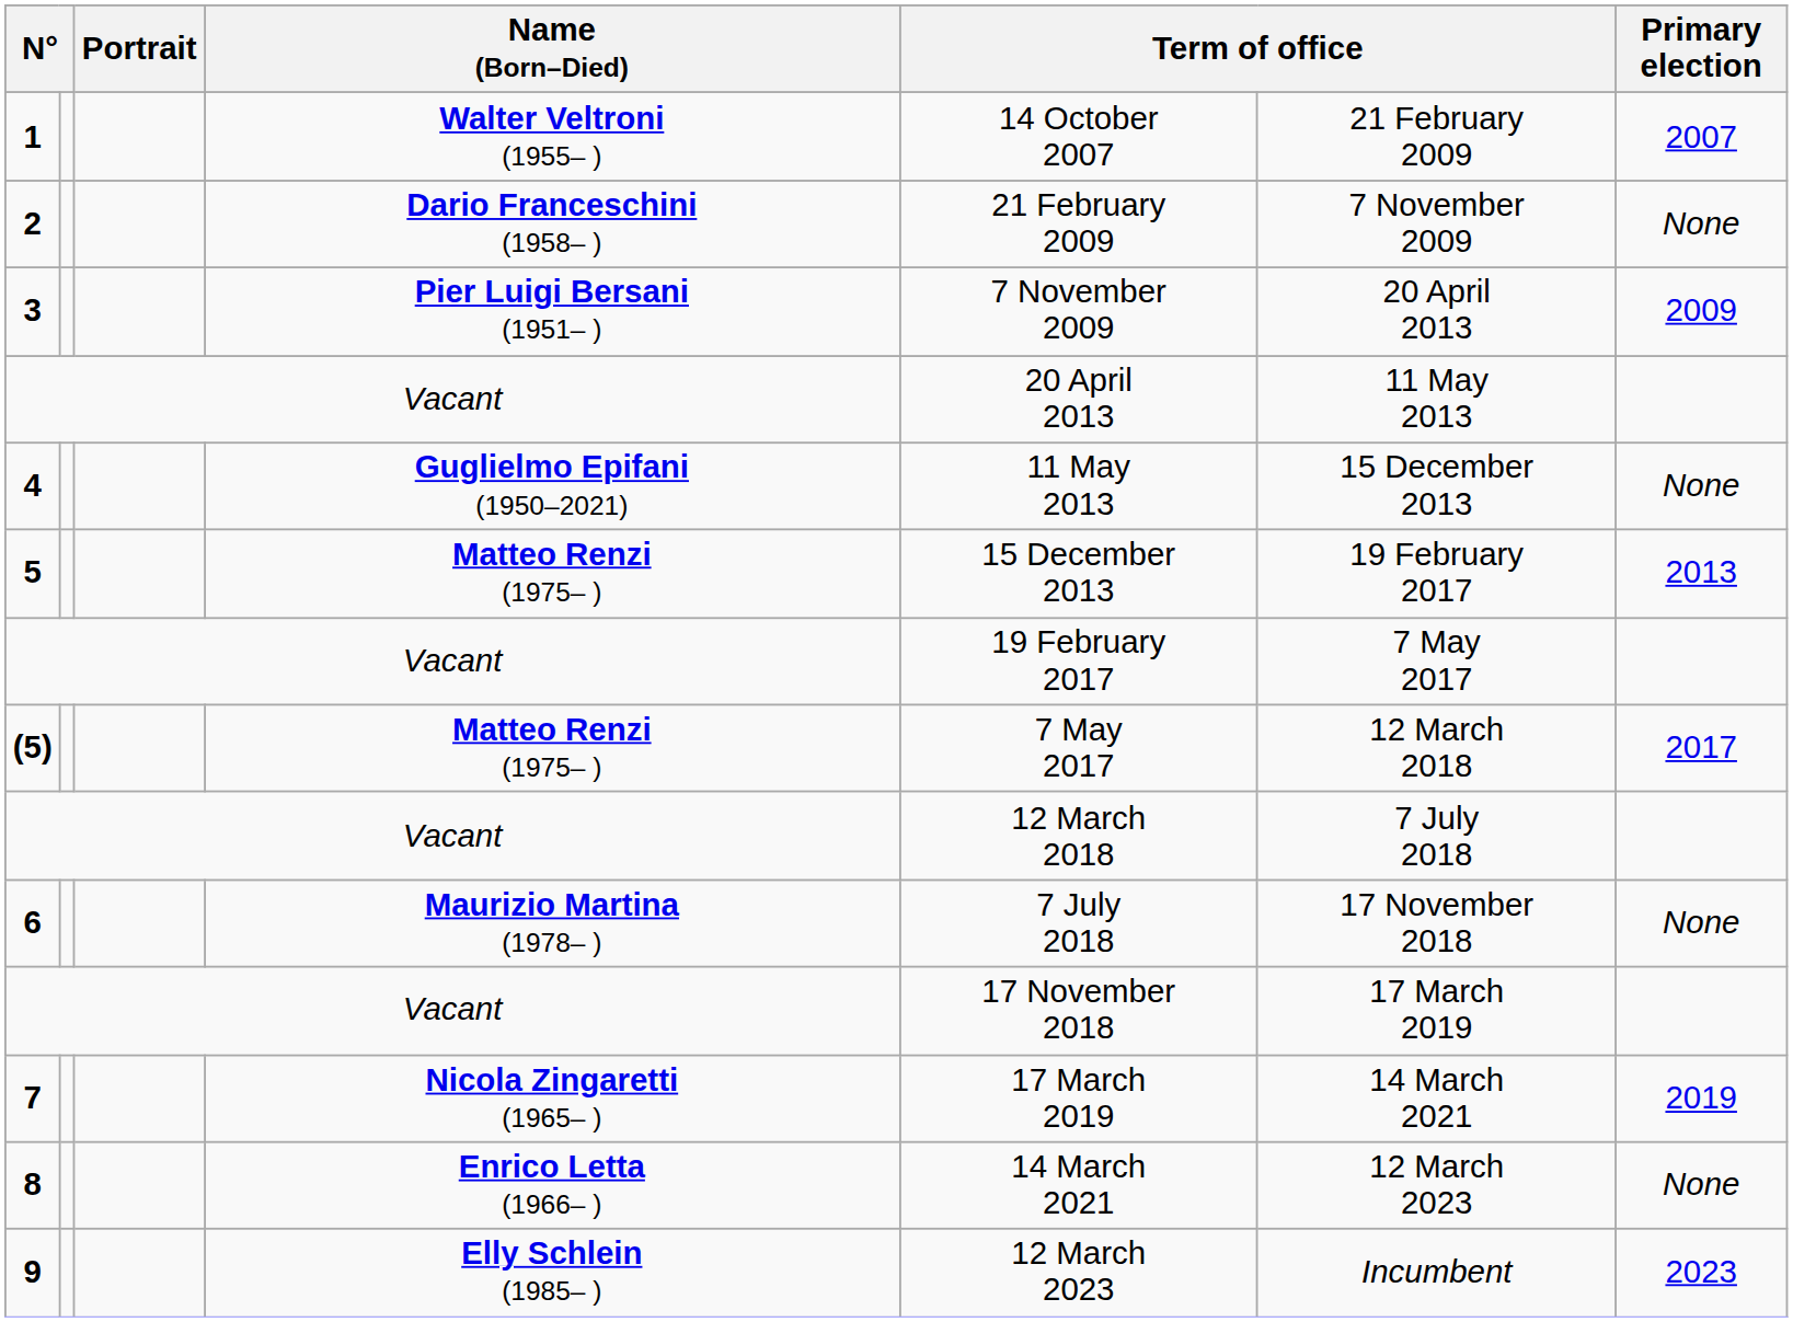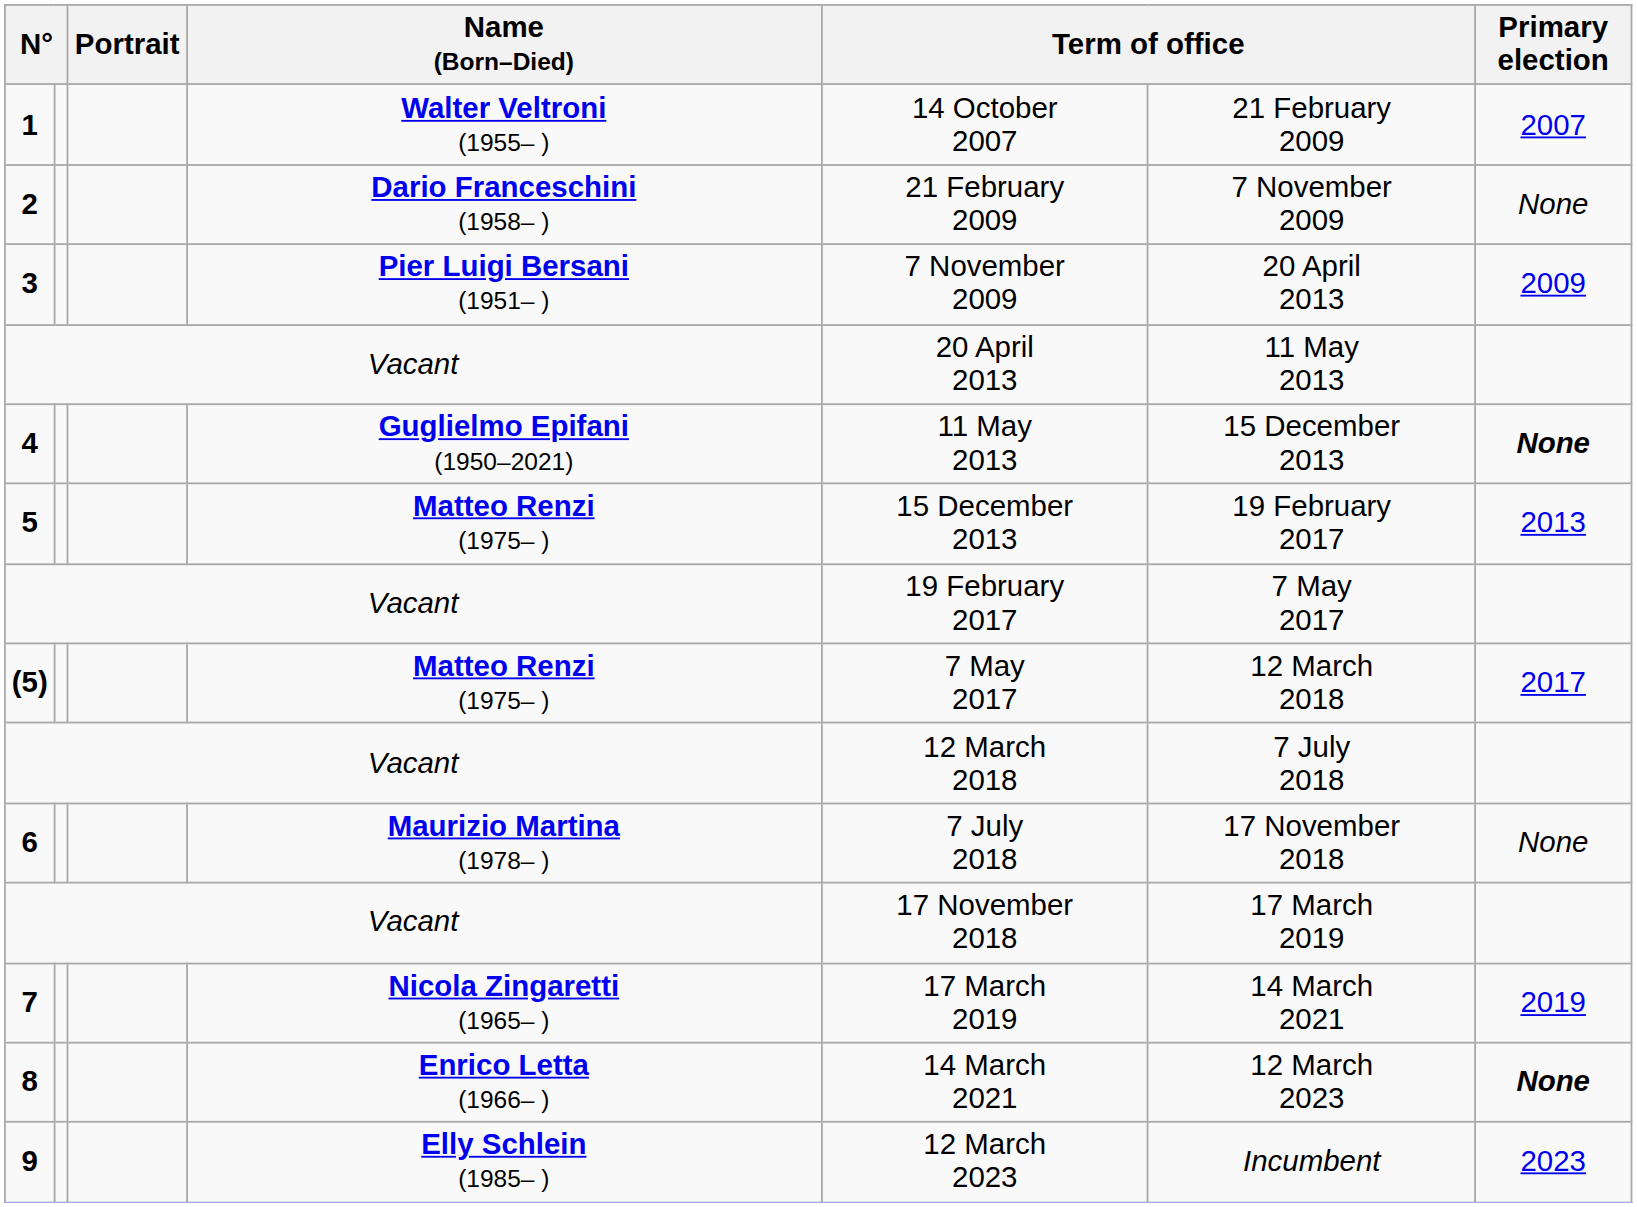 <table class="wikitable" style="text-align:center; width:70%; border:1px #AAAAFF solid">
 <tr>
 <th colspan="2">N°</th>
 <th width=85px>Portrait</th>
 <th width=45%>Name<br><small>(Born–Died)</small></th>
 <th width=45% colspan=2>Term of office</th>
 <th width=15%>Primary election</th>
 </tr>
 <tr>
 <td><strong>1</strong></td>
 <td style="background: "></td>
 <td></td>
 <td><strong><a href='#'>Walter Veltroni</a></strong><br><small>(1955– )</small></td>
 <td>14 October<br>2007</td>
 <td>21 February<br>2009</td>
 <td><a href='#'>2007</a></td>
 </tr>
 <tr>
 <td><strong>2</strong></td>
 <td style="background: "></td>
 <td></td>
 <td><strong><a href='#'>Dario Franceschini</a></strong><br><small>(1958– )</small></td>
 <td>21 February<br>2009</td>
 <td>7 November<br>2009</td>
 <td><em>None</em></td>
 </tr>
 <tr>
 <td><strong>3</strong></td>
 <td style="background: "></td>
 <td></td>
 <td><strong><a href='#'>Pier Luigi Bersani</a></strong><br><small>(1951– )</small></td>
 <td>7 November<br>2009</td>
 <td>20 April<br>2013</td>
 <td><a href='#'>2009</a></td>
 </tr>
 <tr>
 <td colspan=4><em>Vacant</em></td>
 <td>20 April<br>2013</td>
 <td>11 May<br>2013</td>
 <td></td>
 </tr>
 <tr>
 <td><strong>4</strong></td>
 <td style="background: "></td>
 <td></td>
 <td><strong><a href='#'>Guglielmo Epifani</a></strong><br><small>(1950–2021)</small></td>
 <td>11 May<br>2013</td>
 <td>15 December<br>2013</td>
-<td><em>None</em></td>
+<td><strong><em>None</em></strong></td>
 </tr>
 <tr>
 <td><strong>5</strong></td>
 <td style="background: "></td>
 <td></td>
 <td><strong><a href='#'>Matteo Renzi</a></strong><br><small>(1975– )</small></td>
 <td>15 December<br>2013</td>
 <td>19 February<br>2017</td>
 <td><a href='#'>2013</a></td>
 </tr>
 <tr>
 <td colspan=4><em>Vacant</em></td>
 <td>19 February<br>2017</td>
 <td>7 May<br>2017</td>
 <td></td>
 </tr>
 <tr>
 <td><strong>(5)</strong></td>
 <td style="background: "></td>
 <td></td>
 <td><strong><a href='#'>Matteo Renzi</a></strong><br><small>(1975– )</small></td>
 <td>7 May<br>2017</td>
 <td>12 March<br>2018</td>
 <td><a href='#'>2017</a></td>
 </tr>
 <tr>
 <td colspan=4><em>Vacant</em></td>
 <td>12 March<br>2018</td>
 <td>7 July<br>2018</td>
 <td></td>
 </tr>
 <tr>
 <td><strong>6</strong></td>
 <td style="background: "></td>
 <td></td>
 <td><strong><a href='#'>Maurizio Martina</a></strong><br><small>(1978– )</small></td>
 <td>7 July<br>2018</td>
 <td>17 November<br>2018</td>
 <td><em>None</em></td>
 </tr>
 <tr>
 <td colspan=4><em>Vacant</em></td>
 <td>17 November<br>2018</td>
 <td>17 March<br>2019</td>
 <td></td>
 </tr>
 <tr>
 <td><strong>7</strong></td>
 <td style="background: "></td>
 <td></td>
 <td><strong><a href='#'>Nicola Zingaretti</a></strong><br><small>(1965– )</small></td>
 <td>17 March<br>2019</td>
 <td>14 March<br>2021</td>
 <td><a href='#'>2019</a></td>
 </tr>
 <tr>
 <td><strong>8</strong></td>
 <td style="background: "></td>
 <td></td>
 <td><strong><a href='#'>Enrico Letta</a></strong><br><small>(1966– )</small></td>
 <td>14 March<br>2021</td>
 <td>12 March<br>2023</td>
-<td><em>None</em></td>
+<td><strong><em>None</em></strong></td>
 </tr>
 <tr>
 <td><strong>9</strong></td>
 <td style="background: "></td>
 <td></td>
 <td><strong><a href='#'>Elly Schlein</a></strong><br><small>(1985– )</small></td>
 <td>12 March<br>2023</td>
 <td><em>Incumbent</em></td>
 <td><a href='#'>2023</a></td>
 </tr>
 <tr>
 </tr>
 </table>
